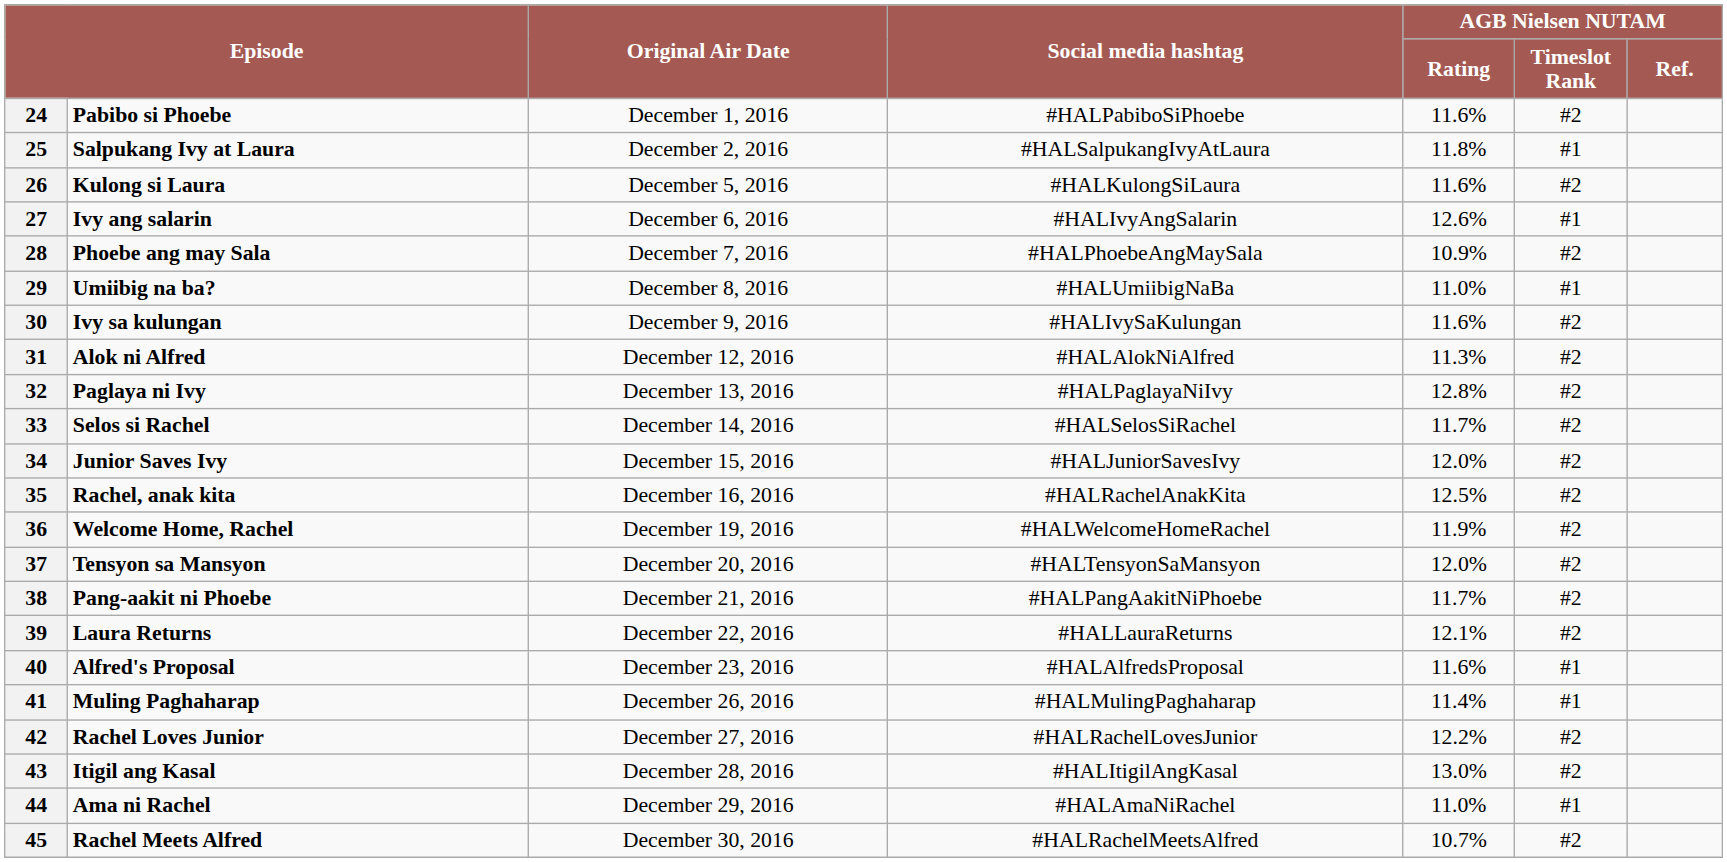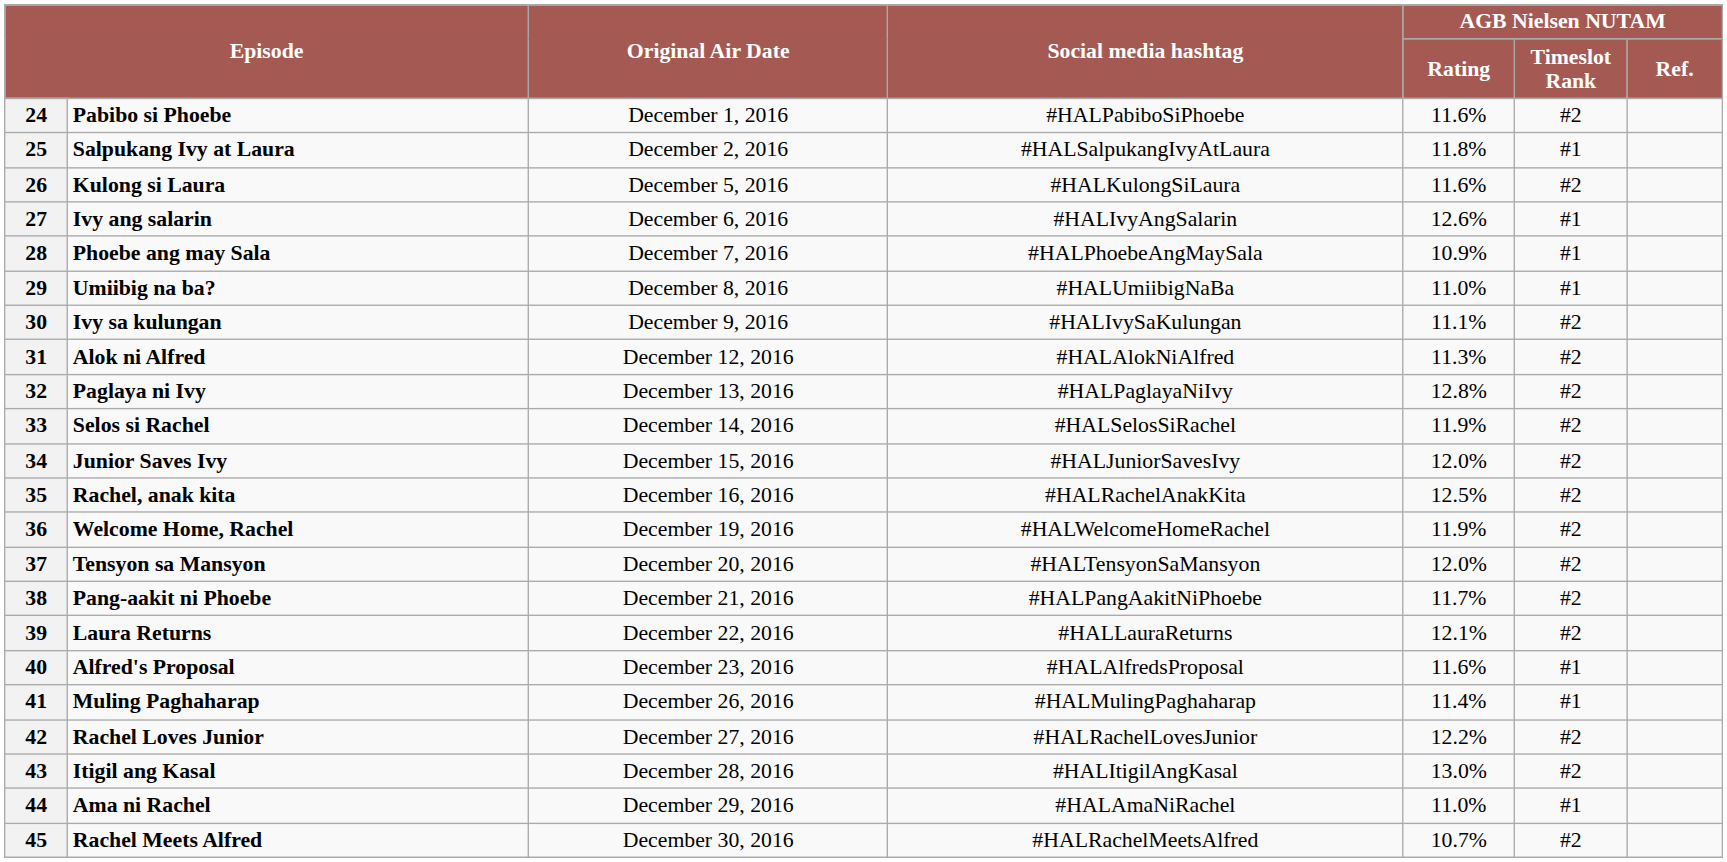 <table class="wikitable" style="text-align:center; font-size:100%; line-height:18px;"  width="100%">
 <tr>
 <th colspan="2" rowspan="2" style="background-color:#A45A52; color:#ffffff;">Episode</th>
 <th style="background:#A45A52; color:white" rowspan="2">Original Air Date</th>
 <th style="background:#A45A52; color:white" rowspan="2">Social media hashtag</th>
 <th style="background-color:#A45A52; color:#ffffff;" colspan="3">AGB Nielsen NUTAM</th>
 </tr>
 <tr>
 <th style="background-color:#A45A52; width:75px; color:#ffffff;">Rating</th>
 <th style="background-color:#A45A52; width:75px; color:#ffffff;">Timeslot<br>Rank</th>
 <th style="background-color:#A45A52; color:#ffffff;">Ref.</th>
 </tr>
 <tr>
 <th>24</th>
 <td style="text-align: left;"><strong>Pabibo si Phoebe</strong></td>
 <td>December 1, 2016</td>
 <td>#HALPabiboSiPhoebe</td>
 <td>11.6%</td>
 <td>#2</td>
 <td></td>
 </tr>
 <tr>
 <th>25</th>
 <td style="text-align: left;"><strong>Salpukang Ivy at Laura</strong></td>
 <td>December 2, 2016</td>
 <td>#HALSalpukangIvyAtLaura</td>
 <td>11.8%</td>
 <td>#1</td>
 <td></td>
 </tr>
 <tr>
 <th>26</th>
 <td style="text-align: left;"><strong>Kulong si Laura</strong></td>
 <td>December 5, 2016</td>
 <td>#HALKulongSiLaura</td>
 <td>11.6%</td>
 <td>#2</td>
 <td></td>
 </tr>
 <tr>
 <th>27</th>
 <td style="text-align: left;"><strong>Ivy ang salarin</strong></td>
 <td>December 6, 2016</td>
 <td>#HALIvyAngSalarin</td>
 <td>12.6%</td>
 <td>#1</td>
 <td></td>
 </tr>
 <tr>
 <th>28</th>
 <td style="text-align: left;"><strong>Phoebe ang may Sala</strong></td>
 <td>December 7, 2016</td>
 <td>#HALPhoebeAngMaySala</td>
 <td>10.9%</td>
-<td>#2</td>
+<td>#1</td>
 <td></td>
 </tr>
 <tr>
 <th>29</th>
 <td style="text-align: left;"><strong>Umiibig na ba?</strong></td>
 <td>December 8, 2016</td>
 <td>#HALUmiibigNaBa</td>
 <td>11.0%</td>
 <td>#1</td>
 <td></td>
 </tr>
 <tr>
 <th>30</th>
 <td style="text-align: left;"><strong>Ivy sa kulungan</strong></td>
 <td>December 9, 2016</td>
 <td>#HALIvySaKulungan</td>
-<td>11.6%</td>
+<td>11.1%</td>
 <td>#2</td>
 <td></td>
 </tr>
 <tr>
 <th>31</th>
 <td style="text-align: left;"><strong>Alok ni Alfred</strong></td>
 <td>December 12, 2016</td>
 <td>#HALAlokNiAlfred</td>
 <td>11.3%</td>
 <td>#2</td>
 <td></td>
 </tr>
 <tr>
 <th>32</th>
 <td style="text-align: left;"><strong>Paglaya ni Ivy</strong></td>
 <td>December 13, 2016</td>
 <td>#HALPaglayaNiIvy</td>
 <td>12.8%</td>
 <td>#2</td>
 <td></td>
 </tr>
 <tr>
 <th>33</th>
 <td style="text-align: left;"><strong>Selos si Rachel</strong></td>
 <td>December 14, 2016</td>
 <td>#HALSelosSiRachel</td>
-<td>11.7%</td>
+<td>11.9%</td>
 <td>#2</td>
 <td></td>
 </tr>
 <tr>
 <th>34</th>
 <td style="text-align: left;"><strong>Junior Saves Ivy</strong></td>
 <td>December 15, 2016</td>
 <td>#HALJuniorSavesIvy</td>
 <td>12.0%</td>
 <td>#2</td>
 <td></td>
 </tr>
 <tr>
 <th>35</th>
 <td style="text-align: left;"><strong>Rachel, anak kita</strong></td>
 <td>December 16, 2016</td>
 <td>#HALRachelAnakKita</td>
 <td>12.5%</td>
 <td>#2</td>
 <td></td>
 </tr>
 <tr>
 <th>36</th>
 <td style="text-align: left;"><strong>Welcome Home, Rachel</strong></td>
 <td>December 19, 2016</td>
 <td>#HALWelcomeHomeRachel</td>
 <td>11.9%</td>
 <td>#2</td>
 <td></td>
 </tr>
 <tr>
 <th>37</th>
 <td style="text-align: left;"><strong>Tensyon sa Mansyon</strong></td>
 <td>December 20, 2016</td>
 <td>#HALTensyonSaMansyon</td>
 <td>12.0%</td>
 <td>#2</td>
 <td></td>
 </tr>
 <tr>
 <th>38</th>
 <td style="text-align: left;"><strong>Pang-aakit ni Phoebe</strong></td>
 <td>December 21, 2016</td>
 <td>#HALPangAakitNiPhoebe</td>
 <td>11.7%</td>
 <td>#2</td>
 <td></td>
 </tr>
 <tr>
 <th>39</th>
 <td style="text-align: left;"><strong>Laura Returns</strong></td>
 <td>December 22, 2016</td>
 <td>#HALLauraReturns</td>
 <td>12.1%</td>
 <td>#2</td>
 <td></td>
 </tr>
 <tr>
 <th>40</th>
 <td style="text-align: left;"><strong>Alfred's Proposal</strong></td>
 <td>December 23, 2016</td>
 <td>#HALAlfredsProposal</td>
 <td>11.6%</td>
 <td>#1</td>
 <td></td>
 </tr>
 <tr>
 <th>41</th>
 <td style="text-align: left;"><strong>Muling Paghaharap</strong></td>
 <td>December 26, 2016</td>
 <td>#HALMulingPaghaharap</td>
 <td>11.4%</td>
 <td>#1</td>
 <td></td>
 </tr>
 <tr>
 <th>42</th>
 <td style="text-align: left;"><strong>Rachel Loves Junior</strong></td>
 <td>December 27, 2016</td>
 <td>#HALRachelLovesJunior</td>
 <td>12.2%</td>
 <td>#2</td>
 <td></td>
 </tr>
 <tr>
 <th>43</th>
 <td style="text-align: left;"><strong>Itigil ang Kasal</strong></td>
 <td>December 28, 2016</td>
 <td>#HALItigilAngKasal</td>
 <td>13.0%</td>
 <td>#2</td>
 <td></td>
 </tr>
 <tr>
 <th>44</th>
 <td style="text-align: left;"><strong>Ama ni Rachel</strong></td>
 <td>December 29, 2016</td>
 <td>#HALAmaNiRachel</td>
 <td>11.0%</td>
 <td>#1</td>
 <td></td>
 </tr>
 <tr>
 <th>45</th>
 <td style="text-align: left;"><strong>Rachel Meets Alfred</strong></td>
 <td>December 30, 2016</td>
 <td>#HALRachelMeetsAlfred</td>
 <td>10.7%</td>
 <td>#2</td>
 <td></td>
 </tr>
 <tr>
 </tr>
 </table>
